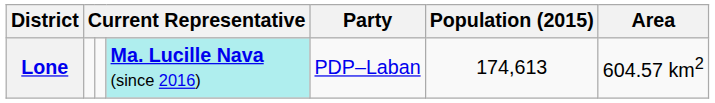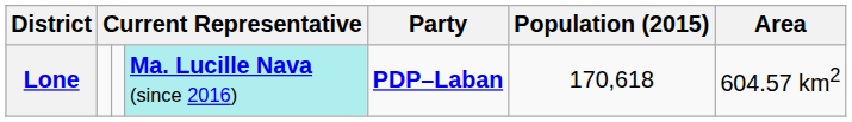 <table class="wikitable sortable" style="margin: 1em auto; font-size:100%; line-height:20px; text-align:center">
 <tr>
 <th>District</th>
 <th colspan="3">Current Representative</th>
 <th>Party</th>
 <th>Population (2015)</th>
 <th>Area</th>
 </tr>
 <tr>
 <th><a href='#'>Lone</a></th>
 <td style="background:"></td>
 <td></td>
 <td style="background: paleturquoise; text-align:left;"><strong><a href='#'>Ma. Lucille Nava</a></strong><br><small>(since <a href='#'>2016</a>)</small></td>
-<td><a href='#'>PDP–Laban</a></td>
-<td>174,613</td>
+<td><strong><a href='#'>PDP–Laban</a></strong></td>
+<td>170,618</td>
 <td>604.57 km<sup>2</sup></td>
 </tr>
 </table>
